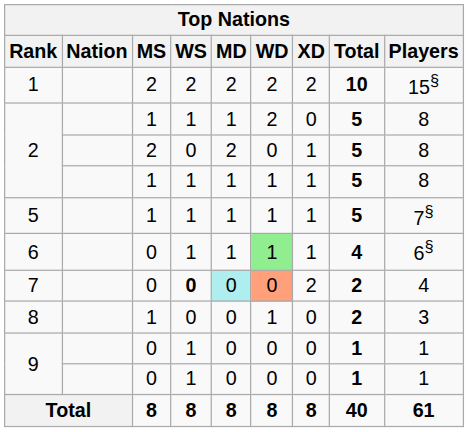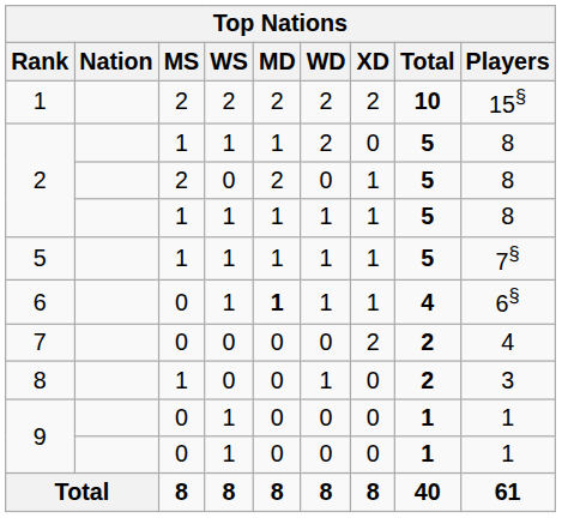 <table class="wikitable" style="text-align:center">
 <tr>
 <th colspan=10>Top Nations</th>
 </tr>
 <tr>
 <th>Rank</th>
 <th>Nation</th>
 <th>MS</th>
 <th>WS</th>
 <th>MD</th>
 <th>WD</th>
 <th>XD</th>
 <th>Total</th>
 <th>Players</th>
 </tr>
 <tr>
 <td>1</td>
 <td align=left></td>
 <td>2</td>
 <td>2</td>
 <td>2</td>
 <td>2</td>
 <td>2</td>
 <td><strong>10</strong></td>
 <td>15<sup>§</sup></td>
 </tr>
 <tr align=center>
 <td rowspan=3>2</td>
 <td align=left></td>
 <td>1</td>
 <td>1</td>
 <td>1</td>
 <td>2</td>
 <td>0</td>
 <td><strong>5</strong></td>
 <td>8</td>
 </tr>
 <tr align=center>
 <td align=left></td>
 <td>2</td>
 <td>0</td>
 <td>2</td>
 <td>0</td>
 <td>1</td>
 <td><strong>5</strong></td>
 <td>8</td>
 </tr>
 <tr align=center>
 <td align=left></td>
 <td>1</td>
 <td>1</td>
 <td>1</td>
 <td>1</td>
 <td>1</td>
 <td><strong>5</strong></td>
 <td>8</td>
 </tr>
 <tr>
 <td>5</td>
 <td align=left></td>
 <td>1</td>
 <td>1</td>
 <td>1</td>
 <td>1</td>
 <td>1</td>
 <td><strong>5</strong></td>
 <td>7<sup>§</sup></td>
 </tr>
 <tr align=center>
 <td>6</td>
 <td align=left></td>
 <td>0</td>
 <td>1</td>
+<td><strong>1</strong></td>
 <td>1</td>
-<td style="background: lightgreen;">1</td>
 <td>1</td>
 <td><strong>4</strong></td>
 <td>6<sup>§</sup></td>
 </tr>
 <tr align=center>
 <td>7</td>
 <td align=left></td>
 <td>0</td>
-<td><strong>0</strong></td>
-<td style="background: paleturquoise;">0</td>
-<td style="background: lightsalmon;">0</td>
+<td>0</td>
+<td>0</td>
+<td>0</td>
 <td>2</td>
 <td><strong>2</strong></td>
 <td>4</td>
 </tr>
 <tr align=center>
 <td>8</td>
 <td align=left></td>
 <td>1</td>
 <td>0</td>
 <td>0</td>
 <td>1</td>
 <td>0</td>
 <td><strong>2</strong></td>
 <td>3</td>
 </tr>
 <tr align=center>
 <td rowspan=2>9</td>
 <td align=left></td>
 <td>0</td>
 <td>1</td>
 <td>0</td>
 <td>0</td>
 <td>0</td>
 <td><strong>1</strong></td>
 <td>1</td>
 </tr>
 <tr align=center>
 <td align=left></td>
 <td>0</td>
 <td>1</td>
 <td>0</td>
 <td>0</td>
 <td>0</td>
 <td><strong>1</strong></td>
 <td>1</td>
 </tr>
 <tr>
 <th colspan=2>Total</th>
 <td><strong>8</strong></td>
 <td><strong>8</strong></td>
 <td><strong>8</strong></td>
 <td><strong>8</strong></td>
 <td><strong>8</strong></td>
 <td><strong>40</strong></td>
 <td><strong>61</strong></td>
 </tr>
 </table>
